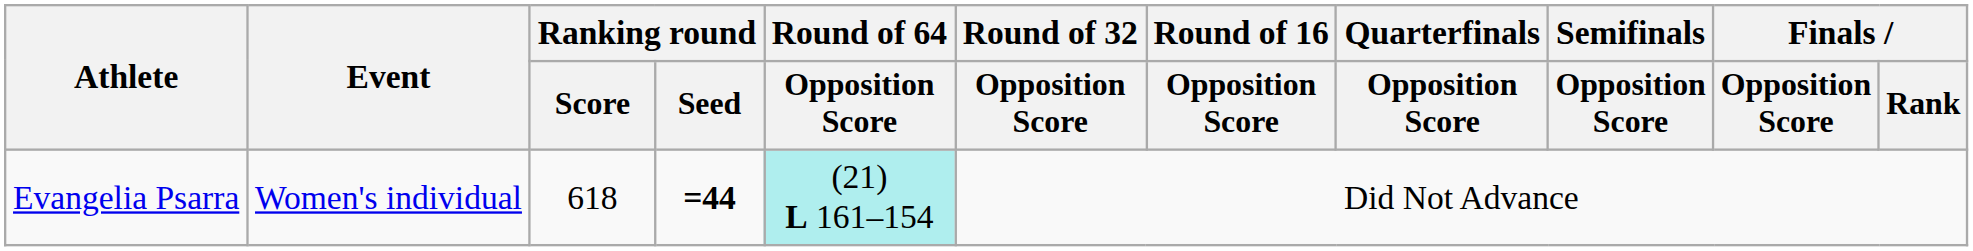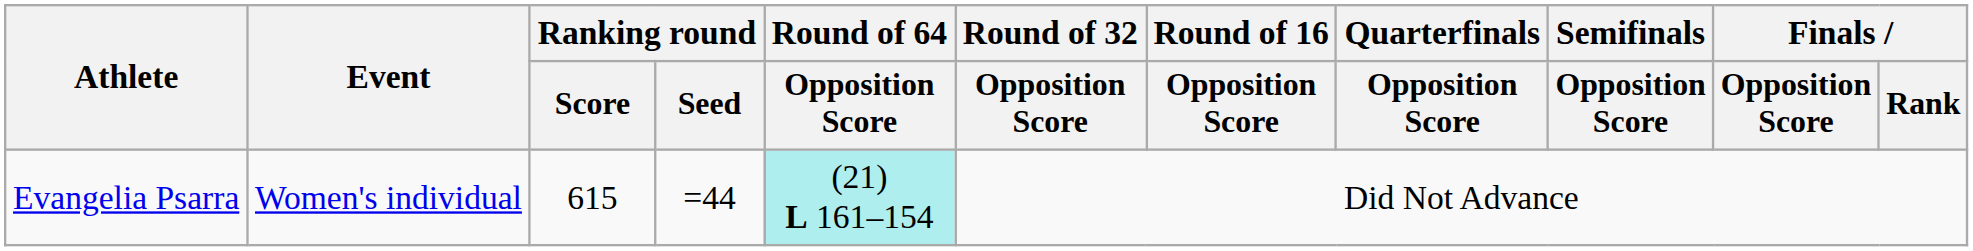 <table class="wikitable" style="font-size:90%">
 <tr>
 <th rowspan="2">Athlete</th>
 <th rowspan="2">Event</th>
 <th colspan="2">Ranking round</th>
 <th>Round of 64</th>
 <th>Round of 32</th>
 <th>Round of 16</th>
 <th>Quarterfinals</th>
 <th>Semifinals</th>
 <th colspan="2">Finals / </th>
 </tr>
 <tr style="font-size:95%">
 <th>Score</th>
 <th>Seed</th>
 <th>Opposition<br>Score</th>
 <th>Opposition<br>Score</th>
 <th>Opposition<br>Score</th>
 <th>Opposition<br>Score</th>
 <th>Opposition<br>Score</th>
 <th>Opposition<br>Score</th>
 <th>Rank</th>
 </tr>
 <tr align=center>
 <td><a href='#'>Evangelia Psarra</a></td>
 <td rowspan=3><a href='#'>Women's individual</a></td>
-<td>618</td>
-<td><strong>=44</strong></td>
+<td>615</td>
+<td>=44</td>
 <td style="background: paleturquoise;"> (21)<br><strong>L</strong> 161–154</td>
 <td colspan=6>Did Not Advance</td>
 </tr>
 </table>
